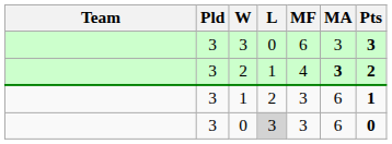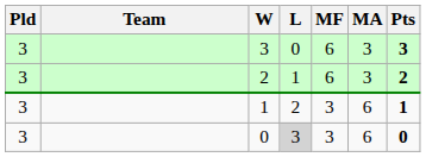 <table class=wikitable style="text-align:center">
 <tr>
+<th width=20>Pld</th>
 <th width=175>Team</th>
-<th width=20>Pld</th>
 <th width=20>W</th>
 <th width=20>L</th>
 <th width=20>MF</th>
 <th width=20>MA</th>
 <th width=20>Pts</th>
 </tr>
 <tr bgcolor=ccffcc>
+<td>3</td>
 <td style="text-align:left"></td>
-<td>3</td>
 <td>3</td>
 <td>0</td>
 <td>6</td>
 <td>3</td>
 <td><strong>3</strong></td>
 </tr>
 <tr bgcolor=ccffcc style="border-bottom:2px solid green;">
+<td>3</td>
 <td style="text-align:left"></td>
-<td>3</td>
 <td>2</td>
 <td>1</td>
-<td>4</td>
-<td><strong>3</strong></td>
+<td>6</td>
+<td>3</td>
 <td><strong>2</strong></td>
 </tr>
 <tr>
+<td>3</td>
 <td style="text-align:left"></td>
-<td>3</td>
 <td>1</td>
 <td>2</td>
 <td>3</td>
 <td>6</td>
 <td><strong>1</strong></td>
 </tr>
 <tr>
+<td>3</td>
 <td style="text-align:left"></td>
-<td>3</td>
 <td>0</td>
 <td style="background: lightgrey;">3</td>
 <td>3</td>
 <td>6</td>
 <td><strong>0</strong></td>
 </tr>
 </table>
